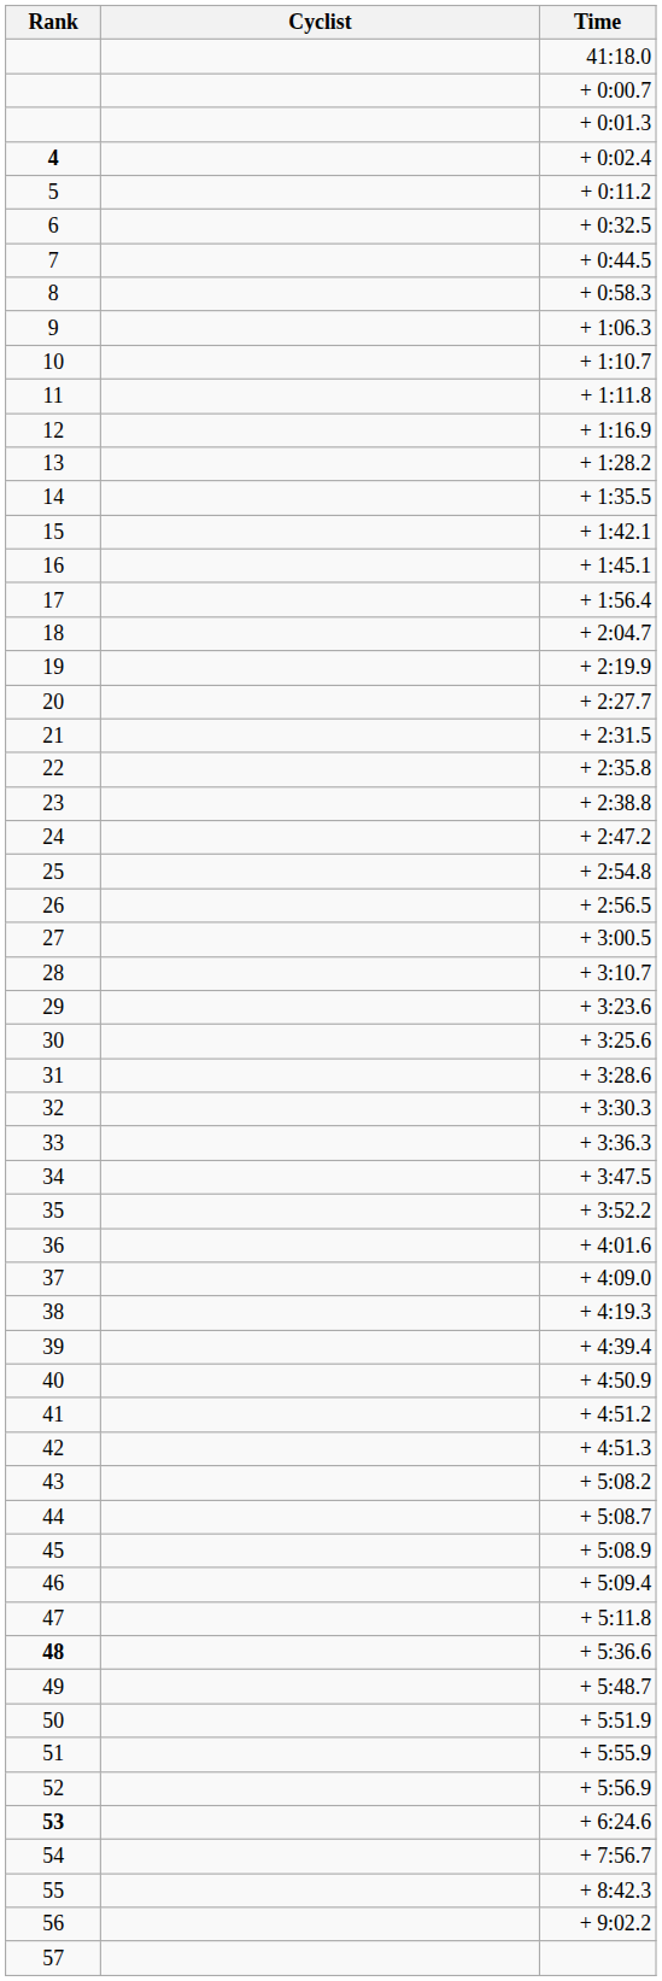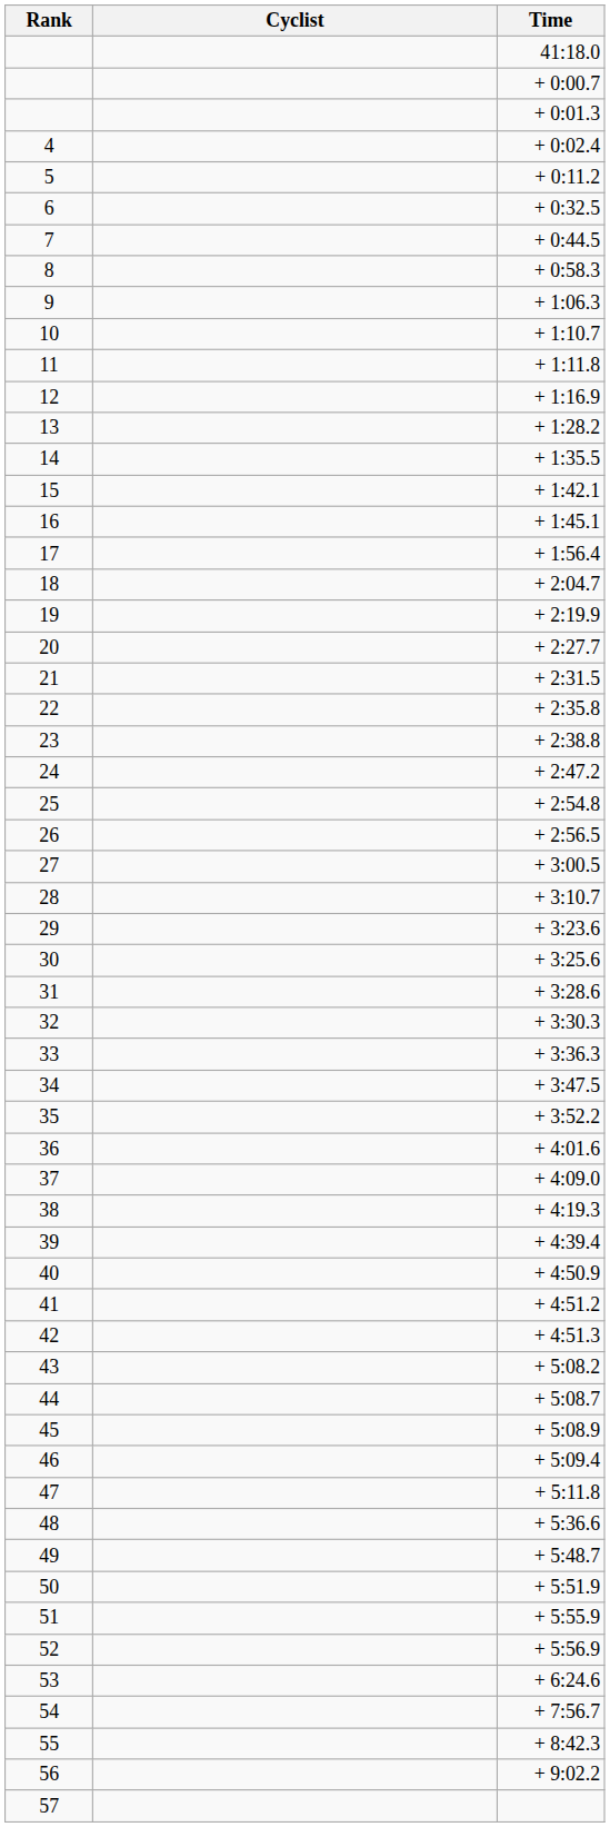 <table class="wikitable">
 <tr>
 <th style="width: 4em;">Rank</th>
 <th style="width: 20em;">Cyclist</th>
 <th style="width: 5em;">Time</th>
 </tr>
 <tr>
 <td align=center></td>
 <td></td>
 <td align="right">41:18.0</td>
 </tr>
 <tr>
 <td align=center></td>
 <td></td>
 <td align="right">+ 0:00.7</td>
 </tr>
 <tr>
 <td align=center></td>
 <td></td>
 <td align="right">+ 0:01.3</td>
 </tr>
 <tr>
-<td align=center><strong>4</strong></td>
+<td align=center>4</td>
 <td></td>
 <td align="right">+ 0:02.4</td>
 </tr>
 <tr>
 <td align=center>5</td>
 <td></td>
 <td align="right">+ 0:11.2</td>
 </tr>
 <tr>
 <td align=center>6</td>
 <td></td>
 <td align="right">+ 0:32.5</td>
 </tr>
 <tr>
 <td align=center>7</td>
 <td></td>
 <td align="right">+ 0:44.5</td>
 </tr>
 <tr>
 <td align=center>8</td>
 <td></td>
 <td align="right">+ 0:58.3</td>
 </tr>
 <tr>
 <td align=center>9</td>
 <td></td>
 <td align="right">+ 1:06.3</td>
 </tr>
 <tr>
 <td align=center>10</td>
 <td></td>
 <td align="right">+ 1:10.7</td>
 </tr>
 <tr>
 <td align=center>11</td>
 <td></td>
 <td align="right">+ 1:11.8</td>
 </tr>
 <tr>
 <td align=center>12</td>
 <td></td>
 <td align="right">+ 1:16.9</td>
 </tr>
 <tr>
 <td align=center>13</td>
 <td></td>
 <td align="right">+ 1:28.2</td>
 </tr>
 <tr>
 <td align=center>14</td>
 <td></td>
 <td align="right">+ 1:35.5</td>
 </tr>
 <tr>
 <td align=center>15</td>
 <td></td>
 <td align="right">+ 1:42.1</td>
 </tr>
 <tr>
 <td align=center>16</td>
 <td></td>
 <td align="right">+ 1:45.1</td>
 </tr>
 <tr>
 <td align=center>17</td>
 <td></td>
 <td align="right">+ 1:56.4</td>
 </tr>
 <tr>
 <td align=center>18</td>
 <td></td>
 <td align="right">+ 2:04.7</td>
 </tr>
 <tr>
 <td align=center>19</td>
 <td></td>
 <td align="right">+ 2:19.9</td>
 </tr>
 <tr>
 <td align=center>20</td>
 <td></td>
 <td align="right">+ 2:27.7</td>
 </tr>
 <tr>
 <td align=center>21</td>
 <td></td>
 <td align="right">+ 2:31.5</td>
 </tr>
 <tr>
 <td align=center>22</td>
 <td></td>
 <td align="right">+ 2:35.8</td>
 </tr>
 <tr>
 <td align=center>23</td>
 <td></td>
 <td align="right">+ 2:38.8</td>
 </tr>
 <tr>
 <td align=center>24</td>
 <td></td>
 <td align="right">+ 2:47.2</td>
 </tr>
 <tr>
 <td align=center>25</td>
 <td></td>
 <td align="right">+ 2:54.8</td>
 </tr>
 <tr>
 <td align=center>26</td>
 <td></td>
 <td align="right">+ 2:56.5</td>
 </tr>
 <tr>
 <td align=center>27</td>
 <td></td>
 <td align="right">+ 3:00.5</td>
 </tr>
 <tr>
 <td align=center>28</td>
 <td></td>
 <td align="right">+ 3:10.7</td>
 </tr>
 <tr>
 <td align=center>29</td>
 <td></td>
 <td align="right">+ 3:23.6</td>
 </tr>
 <tr>
 <td align=center>30</td>
 <td></td>
 <td align="right">+ 3:25.6</td>
 </tr>
 <tr>
 <td align=center>31</td>
 <td></td>
 <td align="right">+ 3:28.6</td>
 </tr>
 <tr>
 <td align=center>32</td>
 <td></td>
 <td align="right">+ 3:30.3</td>
 </tr>
 <tr>
 <td align=center>33</td>
 <td></td>
 <td align="right">+ 3:36.3</td>
 </tr>
 <tr>
 <td align=center>34</td>
 <td></td>
 <td align="right">+ 3:47.5</td>
 </tr>
 <tr>
 <td align=center>35</td>
 <td></td>
 <td align="right">+ 3:52.2</td>
 </tr>
 <tr>
 <td align=center>36</td>
 <td></td>
 <td align="right">+ 4:01.6</td>
 </tr>
 <tr>
 <td align=center>37</td>
 <td></td>
 <td align="right">+ 4:09.0</td>
 </tr>
 <tr>
 <td align=center>38</td>
 <td></td>
 <td align="right">+ 4:19.3</td>
 </tr>
 <tr>
 <td align=center>39</td>
 <td></td>
 <td align="right">+ 4:39.4</td>
 </tr>
 <tr>
 <td align=center>40</td>
 <td></td>
 <td align="right">+ 4:50.9</td>
 </tr>
 <tr>
 <td align=center>41</td>
 <td></td>
 <td align="right">+ 4:51.2</td>
 </tr>
 <tr>
 <td align=center>42</td>
 <td></td>
 <td align="right">+ 4:51.3</td>
 </tr>
 <tr>
 <td align=center>43</td>
 <td></td>
 <td align="right">+ 5:08.2</td>
 </tr>
 <tr>
 <td align=center>44</td>
 <td></td>
 <td align="right">+ 5:08.7</td>
 </tr>
 <tr>
 <td align=center>45</td>
 <td></td>
 <td align="right">+ 5:08.9</td>
 </tr>
 <tr>
 <td align=center>46</td>
 <td></td>
 <td align="right">+ 5:09.4</td>
 </tr>
 <tr>
 <td align=center>47</td>
 <td></td>
 <td align="right">+ 5:11.8</td>
 </tr>
 <tr>
-<td align=center><strong>48</strong></td>
+<td align=center>48</td>
 <td></td>
 <td align="right">+ 5:36.6</td>
 </tr>
 <tr>
 <td align=center>49</td>
 <td></td>
 <td align="right">+ 5:48.7</td>
 </tr>
 <tr>
 <td align=center>50</td>
 <td></td>
 <td align="right">+ 5:51.9</td>
 </tr>
 <tr>
 <td align=center>51</td>
 <td></td>
 <td align="right">+ 5:55.9</td>
 </tr>
 <tr>
 <td align=center>52</td>
 <td></td>
 <td align="right">+ 5:56.9</td>
 </tr>
 <tr>
-<td align=center><strong>53</strong></td>
+<td align=center>53</td>
 <td></td>
 <td align="right">+ 6:24.6</td>
 </tr>
 <tr>
 <td align=center>54</td>
 <td></td>
 <td align="right">+ 7:56.7</td>
 </tr>
 <tr>
 <td align=center>55</td>
 <td></td>
 <td align="right">+ 8:42.3</td>
 </tr>
 <tr>
 <td align=center>56</td>
 <td></td>
 <td align="right">+ 9:02.2</td>
 </tr>
 <tr>
 <td align=center>57</td>
 <td></td>
 <td align="right"></td>
 </tr>
 </table>
